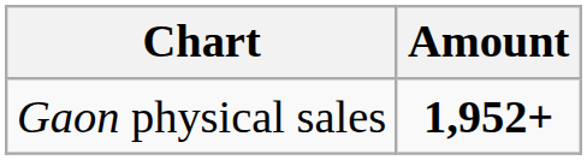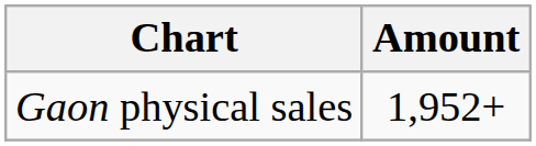 <table class="wikitable">
 <tr>
 <th>Chart</th>
 <th>Amount</th>
 </tr>
 <tr>
 <td><em>Gaon</em> physical sales</td>
-<td style="text-align:center;"><strong>1,952+</strong></td>
+<td style="text-align:center;">1,952+</td>
 </tr>
 </table>
